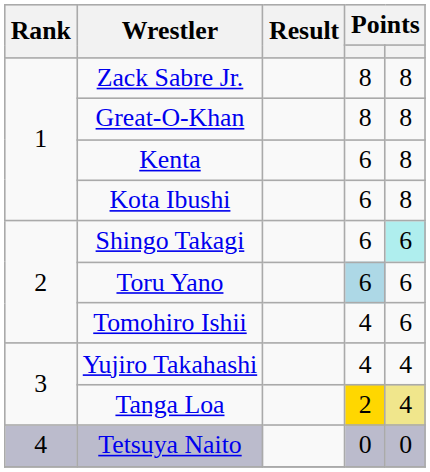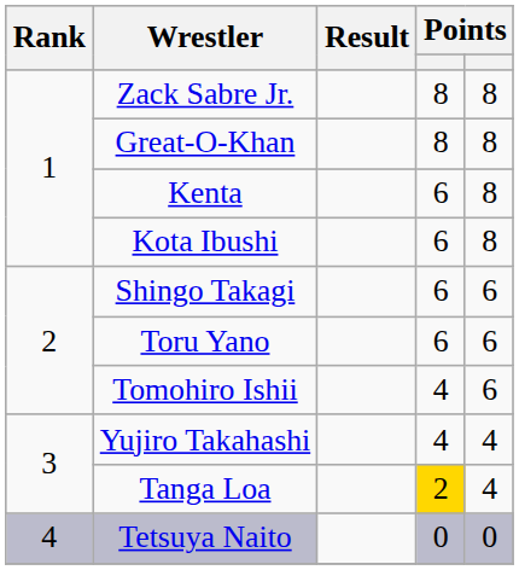 <table class="wikitable mw-collapsible mw-collapsed" plainrowheaders sortable" style="text-align: center">
 <tr>
 <th scope="col" rowspan="2">Rank</th>
 <th scope="col" rowspan="2">Wrestler</th>
 <th scope="col" rowspan="2">Result</th>
 <th scope="col" colspan="2">Points</th>
 </tr>
 <tr>
 <th></th>
 <th></th>
 </tr>
 <tr>
 <td rowspan="4">1</td>
 <td><a href='#'>Zack Sabre Jr.</a></td>
 <td></td>
 <td>8</td>
 <td>8</td>
 </tr>
 <tr>
 <td><a href='#'>Great-O-Khan</a></td>
 <td></td>
 <td>8</td>
 <td>8</td>
 </tr>
 <tr>
 <td><a href='#'>Kenta</a></td>
 <td></td>
 <td>6</td>
 <td>8</td>
 </tr>
 <tr>
 <td><a href='#'>Kota Ibushi</a></td>
 <td></td>
 <td>6</td>
 <td>8</td>
 </tr>
 <tr>
 <td rowspan="3">2</td>
 <td><a href='#'>Shingo Takagi</a></td>
 <td></td>
 <td>6</td>
-<td style="background: paleturquoise;">6</td>
+<td>6</td>
 </tr>
 <tr>
 <td><a href='#'>Toru Yano</a></td>
 <td></td>
-<td style="background: lightblue;">6</td>
+<td>6</td>
 <td>6</td>
 </tr>
 <tr>
 <td><a href='#'>Tomohiro Ishii</a></td>
 <td></td>
 <td>4</td>
 <td>6</td>
 </tr>
 <tr>
 <td rowspan="2">3</td>
 <td><a href='#'>Yujiro Takahashi</a></td>
 <td></td>
 <td>4</td>
 <td>4</td>
 </tr>
 <tr>
 <td><a href='#'>Tanga Loa</a></td>
 <td></td>
 <td style="background: gold;">2</td>
-<td style="background: khaki;">4</td>
+<td>4</td>
 </tr>
 <tr>
 <td style="background: #BBBBCC;">4</td>
 <td style="background: #BBBBCC;"><a href='#'>Tetsuya Naito</a></td>
 <td></td>
 <td style="background: #BBBBCC;">0</td>
 <td style="background: #BBBBCC;">0</td>
 </tr>
 <tr>
 </tr>
 </table>
